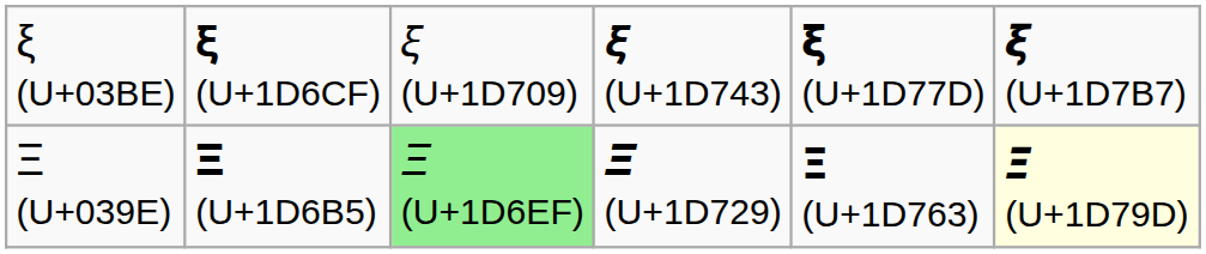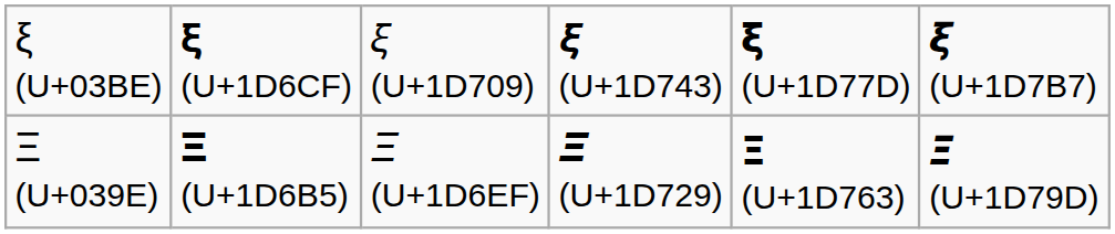 <table class="wikitable">
 <tr>
 <td>ξ<br><small>(U+03BE)</small></td>
 <td>𝛏<br><small>(U+1D6CF)</small></td>
 <td>𝜉<br><small>(U+1D709)</small></td>
 <td>𝝃<br><small>(U+1D743)</small></td>
 <td>𝝽<br><small>(U+1D77D)</small></td>
 <td>𝞷<br><small>(U+1D7B7)</small></td>
 </tr>
 <tr>
 <td>Ξ<br><small>(U+039E)</small></td>
 <td>𝚵<br><small>(U+1D6B5)</small></td>
-<td style="background: lightgreen;">𝛯<br><small>(U+1D6EF)</small></td>
+<td>𝛯<br><small>(U+1D6EF)</small></td>
 <td>𝜩<br><small>(U+1D729)</small></td>
 <td>𝝣<br><small>(U+1D763)</small></td>
-<td style="background: lightyellow;">𝞝<br><small>(U+1D79D)</small></td>
+<td>𝞝<br><small>(U+1D79D)</small></td>
 </tr>
 </table>
